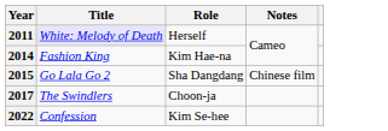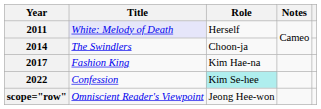 <table class="wikitable plainrowheaders sortable">
 <tr>
 <th scope="col">Year</th>
 <th scope="col">Title</th>
 <th scope="col">Role</th>
 <th scope="col">Notes</th>
 <th scope="col" class="unsortable"></th>
 </tr>
 <tr>
 <th scope="row">2011</th>
 <td style="background: lavender;"><em><a href='#'>White: Melody of Death</a></em></td>
 <td>Herself</td>
 <td rowspan="2">Cameo</td>
 <td style="text-align:center"></td>
 </tr>
 <tr>
 <th scope="row">2014</th>
-<td><em><a href='#'>Fashion King</a></em></td>
-<td>Kim Hae-na</td>
-<td style="text-align:center"></td>
-</tr>
-<tr>
-<th scope="row">2015</th>
-<td><em><a href='#'>Go Lala Go 2</a></em></td>
-<td>Sha Dangdang</td>
-<td>Chinese film</td>
+<td><em><a href='#'>The Swindlers</a></em></td>
+<td>Choon-ja</td>
 <td style="text-align:center"></td>
 </tr>
 <tr>
 <th scope="row">2017</th>
-<td><em><a href='#'>The Swindlers</a></em></td>
-<td>Choon-ja</td>
+<td><em><a href='#'>Fashion King</a></em></td>
+<td>Kim Hae-na</td>
 <td></td>
 <td style="text-align:center"></td>
 </tr>
 <tr>
 <th scope="row">2022</th>
 <td><em><a href='#'>Confession</a></em></td>
-<td>Kim Se-hee</td>
+<td style="background: paleturquoise;">Kim Se-hee</td>
+<td></td>
+<td style="text-align:center"></td>
+</tr>
+<tr>
+<th>scope="row" </th>
+<td><em><a href='#'>Omniscient Reader's Viewpoint</a></em></td>
+<td>Jeong Hee-won</td>
 <td></td>
 <td style="text-align:center"></td>
 </tr>
 </table>
